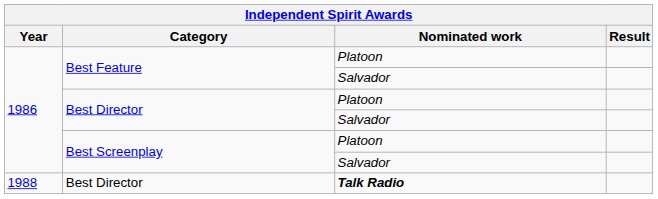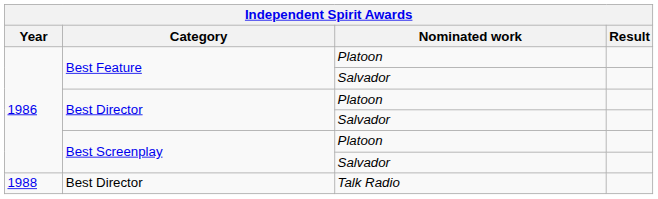 <table class="wikitable">
 <tr>
 <th colspan=4><a href='#'>Independent Spirit Awards</a></th>
 </tr>
 <tr>
 <th scope="col" style="width:9%;">Year</th>
 <th scope="col" style="width:20em;">Category</th>
 <th scope="col" style="width:20em;">Nominated work</th>
 <th scope="col" style="width:2em;">Result</th>
 </tr>
 <tr>
 <td rowspan="6"><a href='#'>1986</a></td>
 <td rowspan="2"><a href='#'>Best Feature</a></td>
 <td><em>Platoon</em></td>
 <td></td>
 </tr>
 <tr>
 <td><em>Salvador</em></td>
 <td></td>
 </tr>
 <tr>
 <td rowspan="2"><a href='#'>Best Director</a></td>
 <td><em>Platoon</em></td>
 <td></td>
 </tr>
 <tr>
 <td><em>Salvador</em></td>
 <td></td>
 </tr>
 <tr>
 <td rowspan="2"><a href='#'>Best Screenplay</a></td>
 <td><em>Platoon</em></td>
 <td></td>
 </tr>
 <tr>
 <td><em>Salvador</em></td>
 <td></td>
 </tr>
 <tr>
 <td rowspan="6"><a href='#'>1988</a></td>
 <td rowspan="2">Best Director</td>
-<td><strong><em>Talk Radio</em></strong></td>
+<td><em>Talk Radio</em></td>
 <td></td>
 </tr>
 </table>
